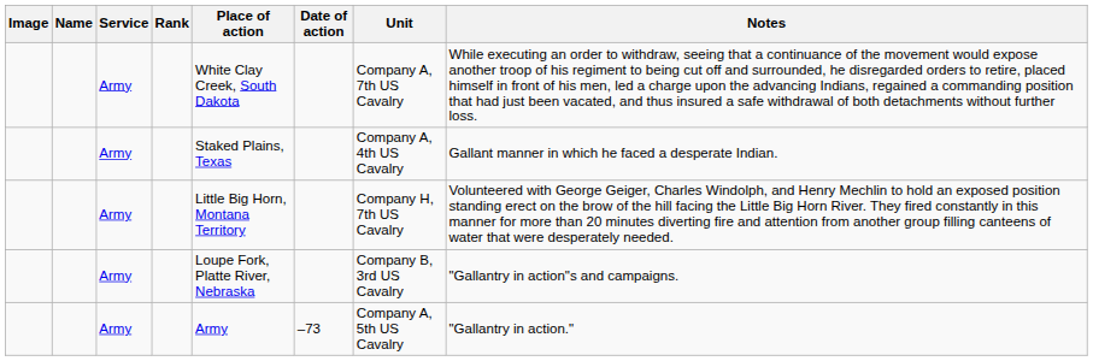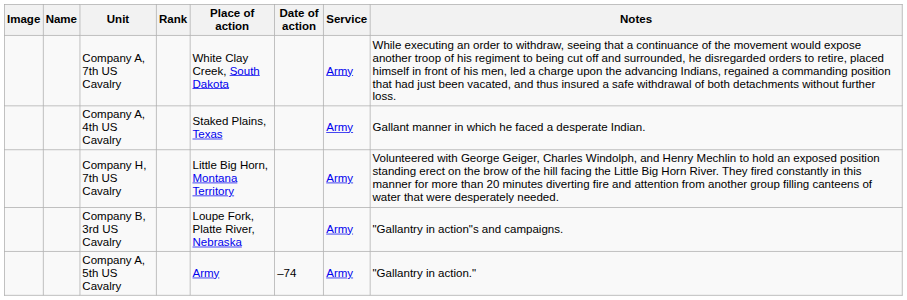 <table class="wikitable sortable">
 <tr>
 <th class="unsortable">Image</th>
 <th>Name</th>
-<th>Service</th>
+<th>Unit</th>
 <th>Rank</th>
 <th>Place of action</th>
 <th>Date of action</th>
-<th>Unit</th>
+<th>Service</th>
 <th class="unsortable">Notes</th>
 </tr>
 <tr>
 <td></td>
 <td></td>
-<td><a href='#'>Army</a></td>
+<td>Company A, 7th US Cavalry</td>
 <td></td>
 <td>White Clay Creek, <a href='#'>South Dakota</a></td>
 <td></td>
-<td>Company A, 7th US Cavalry</td>
+<td><a href='#'>Army</a></td>
 <td>While executing an order to withdraw, seeing that a continuance of the movement would expose another troop of his regiment to being cut off and surrounded, he disregarded orders to retire, placed himself in front of his men, led a charge upon the advancing Indians, regained a commanding position that had just been vacated, and thus insured a safe withdrawal of both detachments without further loss.</td>
 </tr>
 <tr>
 <td></td>
 <td></td>
-<td><a href='#'>Army</a></td>
+<td>Company A, 4th US Cavalry</td>
 <td></td>
 <td>Staked Plains, <a href='#'>Texas</a></td>
 <td></td>
-<td>Company A, 4th US Cavalry</td>
+<td><a href='#'>Army</a></td>
 <td>Gallant manner in which he faced a desperate Indian.</td>
 </tr>
 <tr>
 <td></td>
 <td></td>
-<td><a href='#'>Army</a></td>
+<td>Company H, 7th US Cavalry</td>
 <td></td>
 <td>Little Big Horn, <a href='#'>Montana Territory</a></td>
 <td></td>
-<td>Company H, 7th US Cavalry</td>
+<td><a href='#'>Army</a></td>
 <td>Volunteered with George Geiger, Charles Windolph, and Henry Mechlin to hold an exposed position standing erect on the brow of the hill facing the Little Big Horn River. They fired constantly in this manner for more than 20 minutes diverting fire and attention from another group filling canteens of water that were desperately needed.</td>
 </tr>
 <tr>
 <td></td>
 <td></td>
-<td><a href='#'>Army</a></td>
+<td>Company B, 3rd US Cavalry</td>
 <td></td>
 <td>Loupe Fork, Platte River, <a href='#'>Nebraska</a></td>
 <td></td>
-<td>Company B, 3rd US Cavalry</td>
+<td><a href='#'>Army</a></td>
 <td>"Gallantry in action"s and campaigns.</td>
 </tr>
 <tr>
 <td></td>
 <td></td>
-<td><a href='#'>Army</a></td>
+<td>Company A, 5th US Cavalry</td>
 <td></td>
 <td><a href='#'>Army</a></td>
-<td>–73</td>
-<td>Company A, 5th US Cavalry</td>
+<td>–74</td>
+<td><a href='#'>Army</a></td>
 <td>"Gallantry in action."</td>
 </tr>
 </table>
